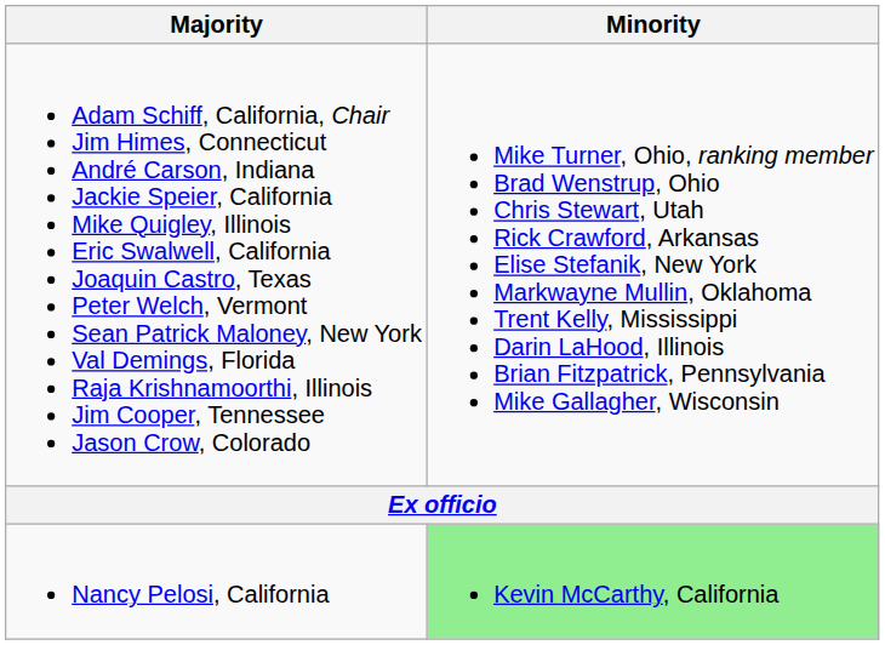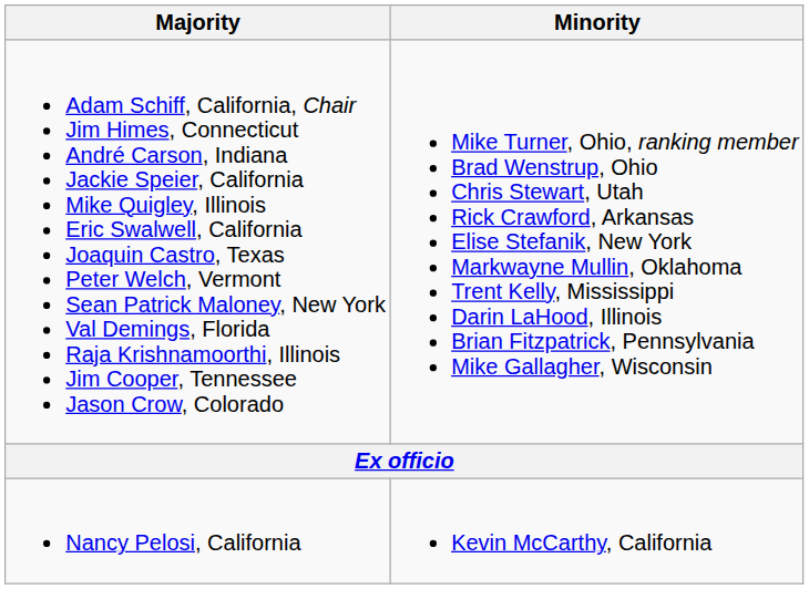 <table class="wikitable">
 <tr>
 <th>Majority</th>
 <th>Minority</th>
 </tr>
 <tr>
 <td style="background:"><br><ul><li><a href='#'>Adam Schiff</a>, California, <em>Chair</em></li><li><a href='#'>Jim Himes</a>, Connecticut</li><li><a href='#'>André Carson</a>, Indiana</li><li><a href='#'>Jackie Speier</a>, California</li><li><a href='#'>Mike Quigley</a>, Illinois</li><li><a href='#'>Eric Swalwell</a>, California</li><li><a href='#'>Joaquin Castro</a>, Texas</li><li><a href='#'>Peter Welch</a>, Vermont</li><li><a href='#'>Sean Patrick Maloney</a>, New York</li><li><a href='#'>Val Demings</a>, Florida</li><li><a href='#'>Raja Krishnamoorthi</a>, Illinois</li><li><a href='#'>Jim Cooper</a>, Tennessee</li><li><a href='#'>Jason Crow</a>, Colorado</li></ul></td>
 <td style="background:"><br><ul><li><a href='#'>Mike Turner</a>, Ohio, <em>ranking member</em></li><li><a href='#'>Brad Wenstrup</a>, Ohio</li><li><a href='#'>Chris Stewart</a>, Utah</li><li><a href='#'>Rick Crawford</a>, Arkansas</li><li><a href='#'>Elise Stefanik</a>, New York</li><li><a href='#'>Markwayne Mullin</a>, Oklahoma</li><li><a href='#'>Trent Kelly</a>, Mississippi</li><li><a href='#'>Darin LaHood</a>, Illinois</li><li><a href='#'>Brian Fitzpatrick</a>, Pennsylvania</li><li><a href='#'>Mike Gallagher</a>, Wisconsin</li></ul></td>
 </tr>
 <tr>
 <th colspan=2><em><a href='#'>Ex officio</a></em></th>
 </tr>
 <tr>
 <td><br><ul><li><a href='#'>Nancy Pelosi</a>, California</li></ul></td>
-<td style="background: lightgreen;"><br><ul><li><a href='#'>Kevin McCarthy</a>, California</li></ul></td>
+<td><br><ul><li><a href='#'>Kevin McCarthy</a>, California</li></ul></td>
 </tr>
 </table>
